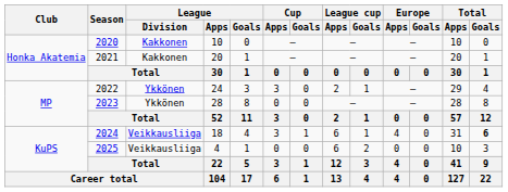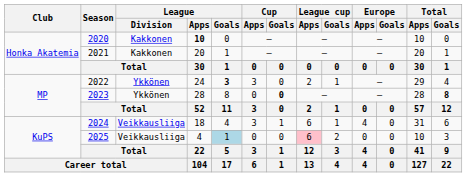 <table class="wikitable" style="text-align:center">
 <tr>
 <th rowspan="2">Club</th>
 <th rowspan="2">Season</th>
 <th colspan="3">League</th>
 <th colspan="2">Cup</th>
 <th colspan="2">League cup</th>
 <th colspan="2">Europe</th>
 <th colspan="2">Total</th>
 </tr>
 <tr>
 <th>Division</th>
 <th>Apps</th>
 <th>Goals</th>
 <th>Apps</th>
 <th>Goals</th>
 <th>Apps</th>
 <th>Goals</th>
 <th>Apps</th>
 <th>Goals</th>
 <th>Apps</th>
 <th>Goals</th>
 </tr>
 <tr>
 <td rowspan="3"><a href='#'>Honka Akatemia</a></td>
 <td><a href='#'>2020</a></td>
 <td><a href='#'>Kakkonen</a></td>
-<td>10</td>
+<td><strong>10</strong></td>
 <td>0</td>
 <td colspan="2">—</td>
 <td colspan="2">—</td>
 <td colspan="2">—</td>
 <td>10</td>
 <td>0</td>
 </tr>
 <tr>
 <td>2021</td>
 <td>Kakkonen</td>
 <td>20</td>
 <td>1</td>
 <td colspan="2">—</td>
 <td colspan="2">—</td>
 <td colspan="2">—</td>
 <td>20</td>
 <td>1</td>
 </tr>
 <tr>
 <th colspan="2">Total</th>
 <th>30</th>
 <th>1</th>
 <th>0</th>
 <th>0</th>
 <th>0</th>
 <th>0</th>
 <th>0</th>
 <th>0</th>
 <th>30</th>
 <th>1</th>
 </tr>
 <tr>
 <td rowspan="3"><a href='#'>MP</a></td>
 <td>2022</td>
 <td><a href='#'>Ykkönen</a></td>
 <td>24</td>
-<td>3</td>
+<td><strong>3</strong></td>
 <td>3</td>
 <td>0</td>
 <td>2</td>
 <td>1</td>
 <td colspan="2">—</td>
 <td>29</td>
 <td>4</td>
 </tr>
 <tr>
 <td><a href='#'>2023</a></td>
 <td>Ykkönen</td>
 <td>28</td>
 <td>8</td>
 <td>0</td>
-<td>0</td>
+<td><strong>0</strong></td>
 <td colspan="2">—</td>
 <td colspan="2">—</td>
 <td>28</td>
-<td>8</td>
+<td><strong>8</strong></td>
 </tr>
 <tr>
 <th colspan="2">Total</th>
 <th>52</th>
 <th>11</th>
 <th>3</th>
 <th>0</th>
 <th>2</th>
 <th>1</th>
 <th>0</th>
 <th>0</th>
 <th>57</th>
 <th>12</th>
 </tr>
 <tr>
 <td rowspan=3><a href='#'>KuPS</a></td>
 <td><a href='#'>2024</a></td>
 <td><a href='#'>Veikkausliiga</a></td>
 <td>18</td>
 <td>4</td>
 <td>3</td>
 <td>1</td>
 <td>6</td>
 <td>1</td>
 <td>4</td>
 <td>0</td>
 <td>31</td>
-<td><strong>6</strong></td>
+<td>6</td>
 </tr>
 <tr>
 <td><a href='#'>2025</a></td>
 <td>Veikkausliiga</td>
 <td>4</td>
-<td>1</td>
+<td style="background: lightblue;">1</td>
 <td>0</td>
 <td>0</td>
-<td>6</td>
+<td style="background: pink;">6</td>
 <td>2</td>
 <td>0</td>
 <td>0</td>
 <td>10</td>
 <td>3</td>
 </tr>
 <tr>
 <th colspan=2>Total</th>
 <th>22</th>
 <th>5</th>
 <th>3</th>
 <th>1</th>
 <th>12</th>
 <th>3</th>
 <th>4</th>
 <th>0</th>
 <th>41</th>
 <th>9</th>
 </tr>
 <tr>
 <th colspan="3">Career total</th>
 <th>104</th>
 <th>17</th>
 <th>6</th>
 <th>1</th>
 <th>13</th>
 <th>4</th>
 <th>4</th>
 <th>0</th>
 <th>127</th>
 <th>22</th>
 </tr>
 </table>
